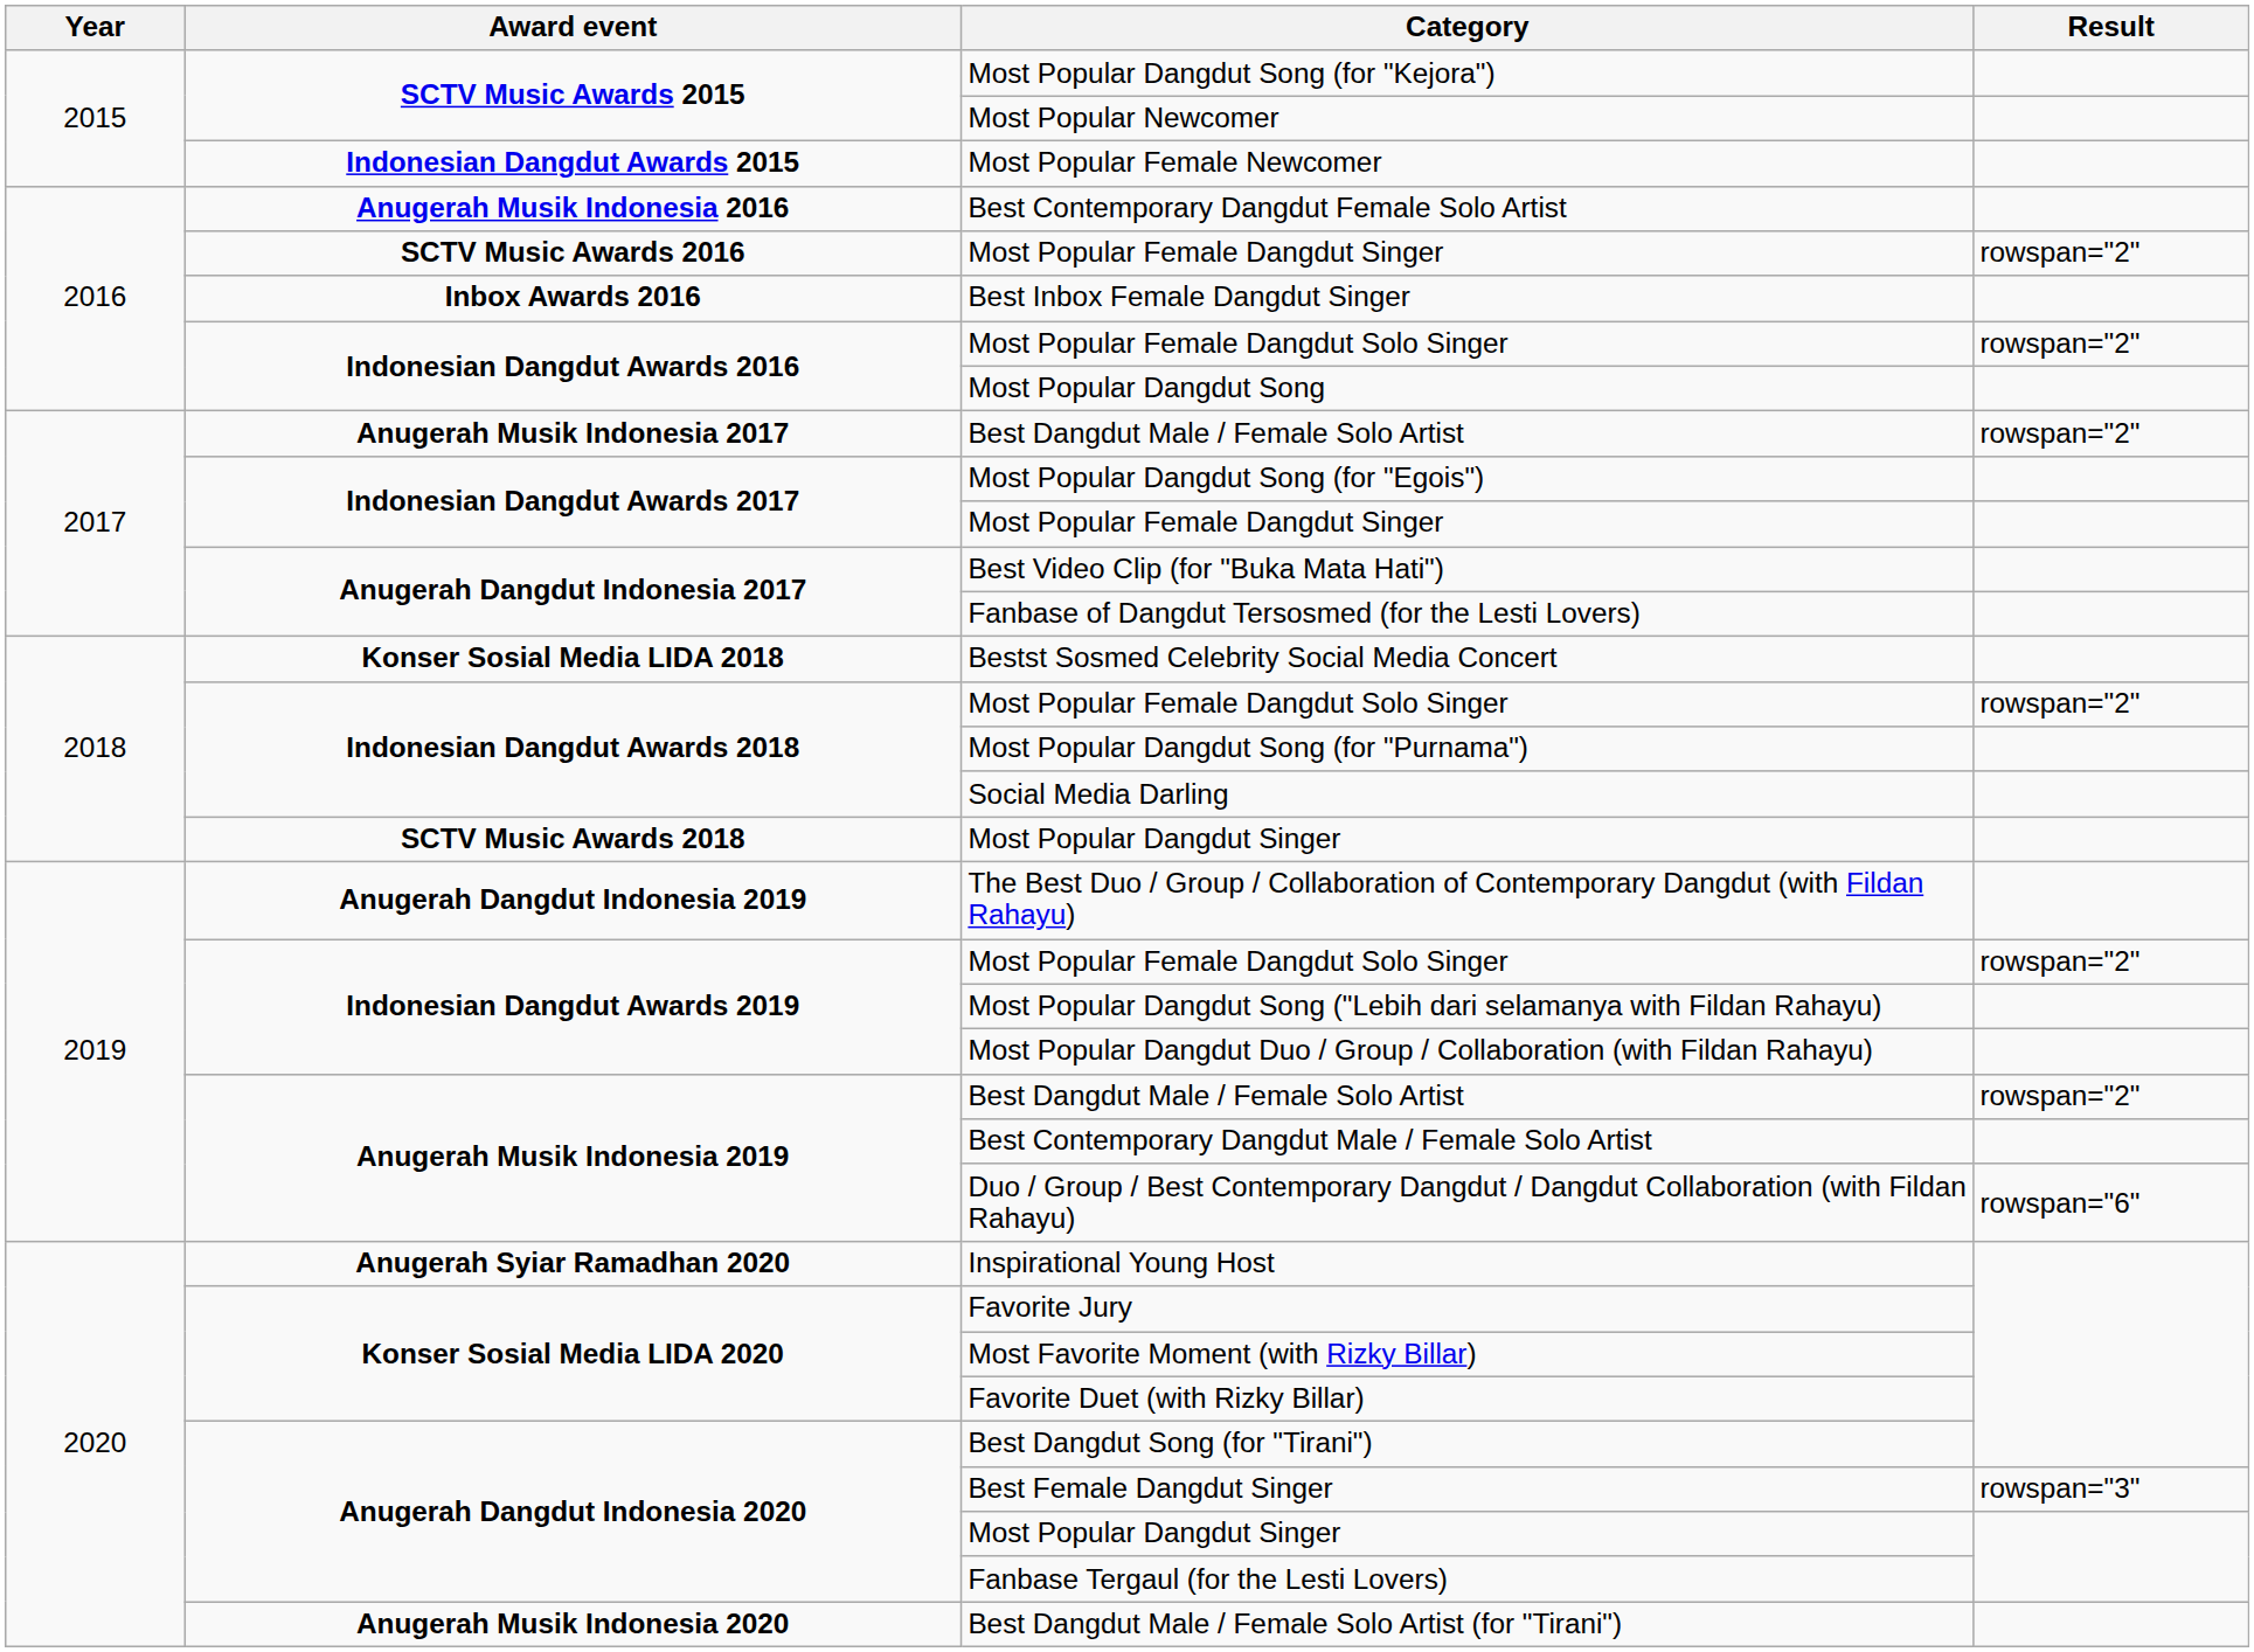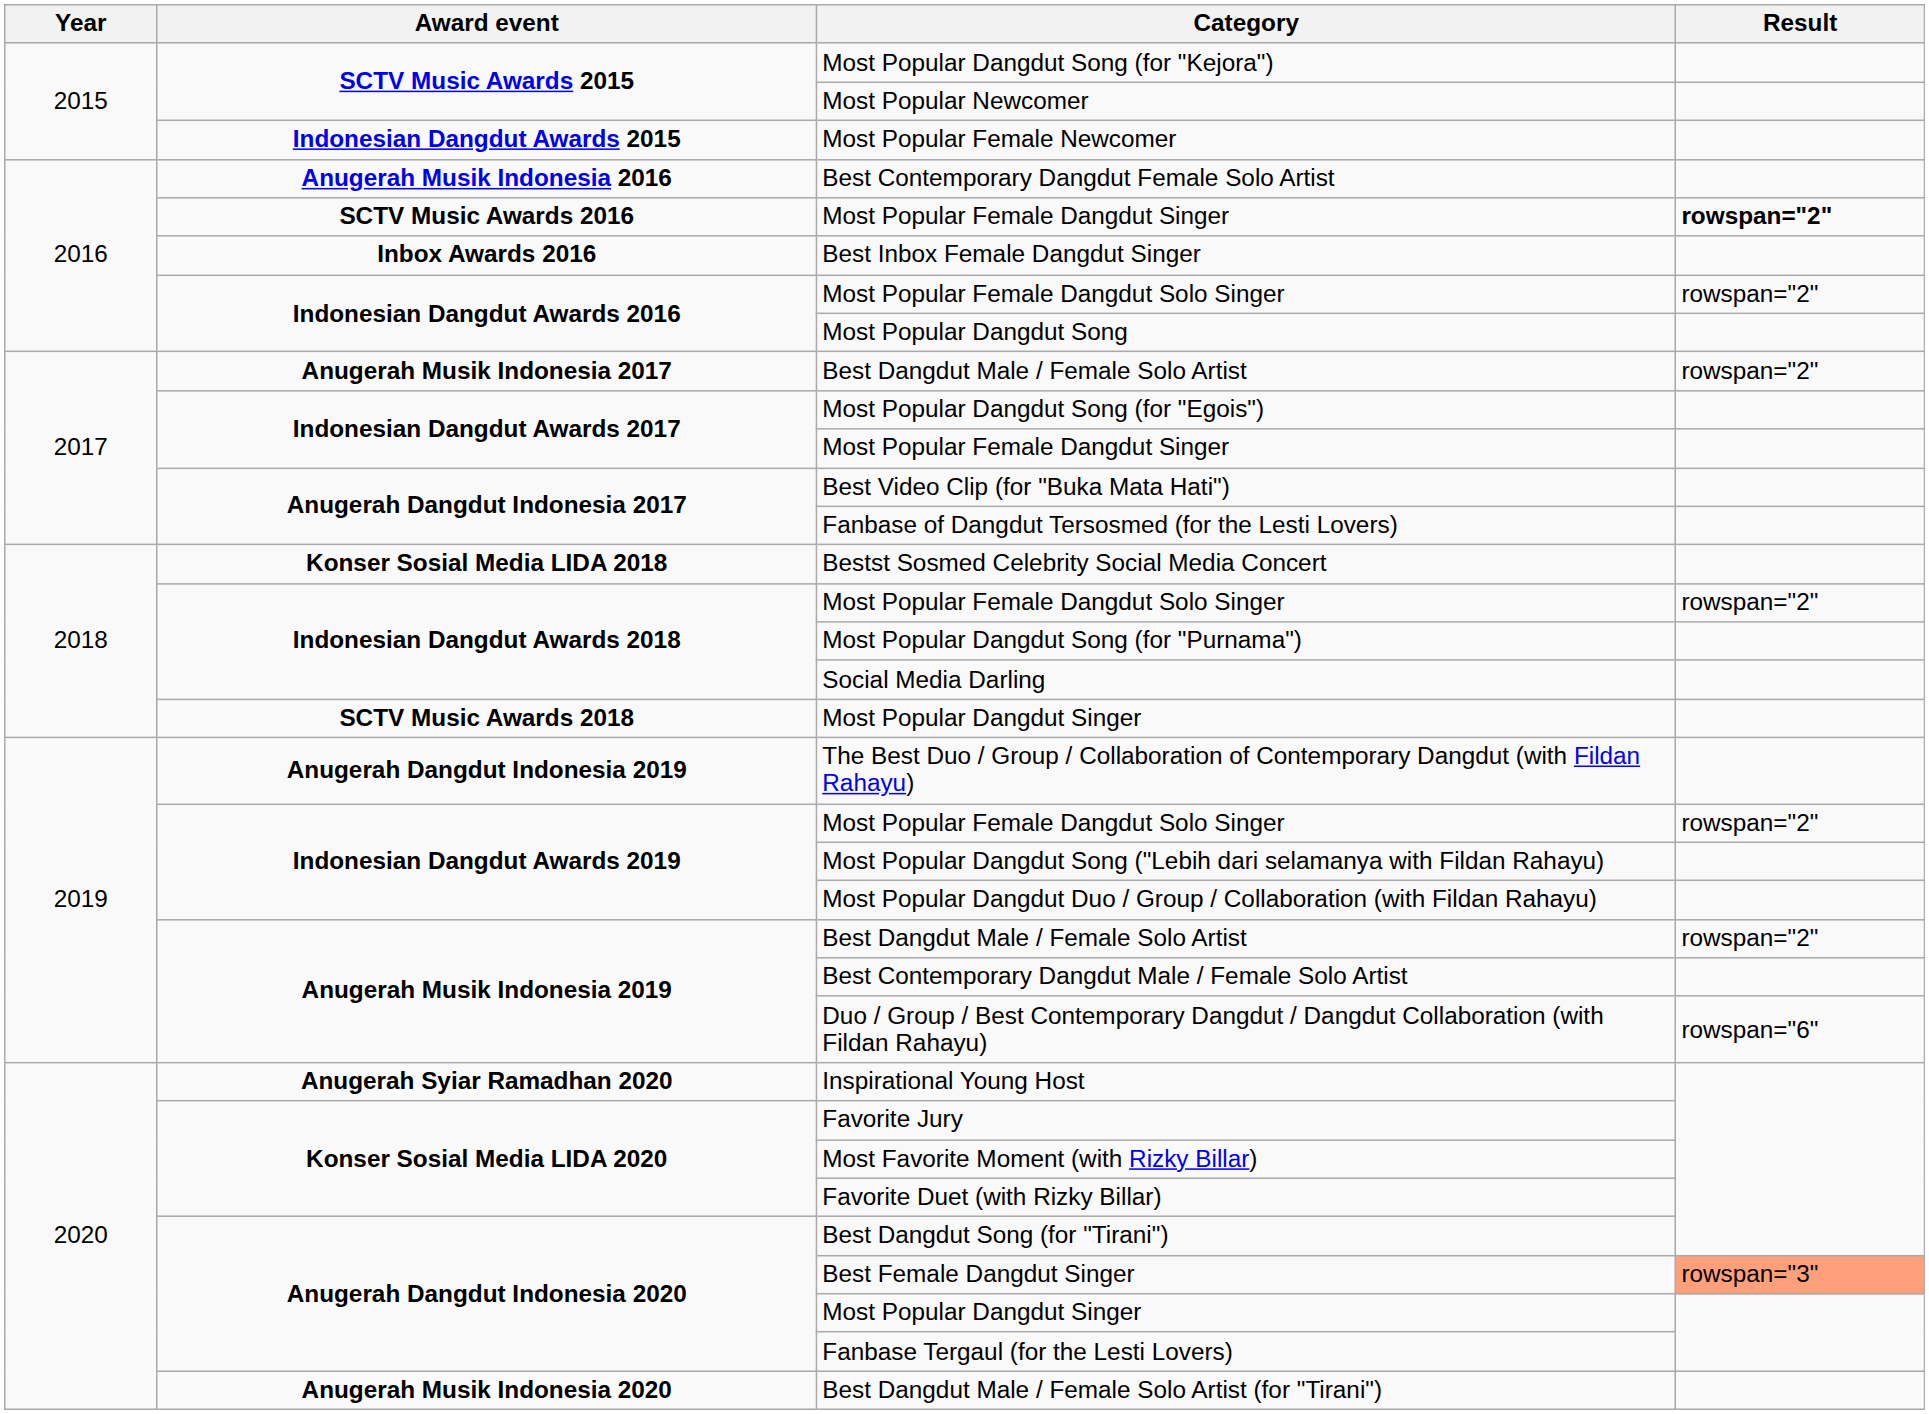 <table class="wikitable" width="100%" cellpadding="5">
 <tr>
 <th width="1%">Year</th>
 <th width="6%">Award event</th>
 <th width="8%">Category</th>
 <th width="1%">Result</th>
 </tr>
 <tr>
 <td Rowspan=3 align="center">2015</td>
 <td align="center" rowspan=2><strong><a href='#'>SCTV Music Awards</a> 2015</strong></td>
 <td>Most Popular Dangdut Song (for "Kejora")</td>
 <td></td>
 </tr>
 <tr>
 <td>Most Popular Newcomer</td>
 <td></td>
 </tr>
 <tr>
 <td align="center"><strong><a href='#'>Indonesian Dangdut Awards</a> 2015</strong></td>
 <td>Most Popular Female Newcomer</td>
 <td></td>
 </tr>
 <tr>
 <td Rowspan=5 align="center">2016</td>
 <td align="center"><strong><a href='#'>Anugerah Musik Indonesia</a> 2016</strong></td>
 <td>Best Contemporary Dangdut Female Solo Artist</td>
 <td></td>
 </tr>
 <tr>
 <td align="center"><strong>SCTV Music Awards 2016</strong></td>
 <td>Most Popular Female Dangdut Singer</td>
-<td>rowspan="2"</td>
+<td><strong>rowspan="2"</strong></td>
 </tr>
 <tr>
 <td align="center"><strong>Inbox Awards 2016</strong></td>
 <td>Best Inbox Female Dangdut Singer</td>
 </tr>
 <tr>
 <td Rowspan=2 align="center"><strong>Indonesian Dangdut Awards 2016</strong></td>
 <td>Most Popular Female Dangdut Solo Singer</td>
 <td>rowspan="2"</td>
 </tr>
 <tr>
 <td>Most Popular Dangdut Song</td>
 </tr>
 <tr>
 <td Rowspan=5 align="center">2017</td>
 <td align="center"><strong>Anugerah Musik Indonesia 2017</strong></td>
 <td>Best Dangdut Male / Female Solo Artist</td>
 <td>rowspan="2"</td>
 </tr>
 <tr>
 <td rowspan=2 align="center"><strong>Indonesian Dangdut Awards 2017</strong></td>
 <td>Most Popular Dangdut Song (for "Egois")</td>
 </tr>
 <tr>
 <td>Most Popular Female Dangdut Singer</td>
 <td></td>
 </tr>
 <tr>
 <td Rowspan=2 align="center"><strong>Anugerah Dangdut Indonesia 2017</strong></td>
 <td>Best Video Clip (for "Buka Mata Hati")</td>
 <td></td>
 </tr>
 <tr>
 <td>Fanbase of Dangdut Tersosmed (for the Lesti Lovers)</td>
 <td></td>
 </tr>
 <tr>
 <td Rowspan=5 align="center">2018</td>
 <td align="center"><strong>Konser Sosial Media LIDA 2018</strong></td>
 <td>Bestst Sosmed Celebrity Social Media Concert</td>
 <td></td>
 </tr>
 <tr>
 <td Rowspan=3 align="center"><strong>Indonesian Dangdut Awards 2018</strong></td>
 <td>Most Popular Female Dangdut Solo Singer</td>
 <td>rowspan="2"</td>
 </tr>
 <tr>
 <td>Most Popular Dangdut Song (for "Purnama")</td>
 </tr>
 <tr>
 <td>Social Media Darling</td>
 <td></td>
 </tr>
 <tr>
 <td Rowspan=1 align="center"><strong>SCTV Music Awards 2018</strong></td>
 <td>Most Popular Dangdut Singer</td>
 <td></td>
 </tr>
 <tr>
 <td Rowspan=7 align="center">2019</td>
 <td align="center"><strong>Anugerah Dangdut Indonesia 2019</strong></td>
 <td>The Best Duo / Group / Collaboration of Contemporary Dangdut (with <a href='#'>Fildan Rahayu</a>)</td>
 <td></td>
 </tr>
 <tr>
 <td Rowspan=3 align="center"><strong>Indonesian Dangdut Awards 2019</strong></td>
 <td>Most Popular Female Dangdut Solo Singer</td>
 <td>rowspan="2"</td>
 </tr>
 <tr>
 <td>Most Popular Dangdut Song ("Lebih dari selamanya with Fildan Rahayu)</td>
 </tr>
 <tr>
 <td>Most Popular Dangdut Duo / Group / Collaboration (with Fildan Rahayu)</td>
 <td></td>
 </tr>
 <tr>
 <td Rowspan=3 align="center"><strong>Anugerah Musik Indonesia 2019</strong></td>
 <td>Best Dangdut Male / Female Solo Artist</td>
 <td>rowspan="2"</td>
 </tr>
 <tr>
 <td>Best Contemporary Dangdut Male / Female Solo Artist</td>
 </tr>
 <tr>
 <td>Duo / Group / Best Contemporary Dangdut / Dangdut Collaboration (with Fildan Rahayu)</td>
 <td>rowspan="6"</td>
 </tr>
 <tr>
 <td rowspan="9" align="center">2020</td>
 <td align="center"><strong>Anugerah Syiar Ramadhan 2020</strong></td>
 <td>Inspirational Young Host</td>
 </tr>
 <tr>
 <td rowspan="3" align="center"><strong>Konser Sosial Media LIDA 2020</strong></td>
 <td>Favorite Jury</td>
 </tr>
 <tr>
 <td>Most Favorite Moment (with <a href='#'>Rizky Billar</a>)</td>
 </tr>
 <tr>
 <td>Favorite Duet (with Rizky Billar)</td>
 </tr>
 <tr>
 <td rowspan="4" align="center"><strong>Anugerah Dangdut Indonesia 2020</strong></td>
 <td>Best Dangdut Song (for "Tirani")</td>
 </tr>
 <tr>
 <td>Best Female Dangdut Singer</td>
-<td>rowspan="3"</td>
+<td style="background: lightsalmon;">rowspan="3"</td>
 </tr>
 <tr>
 <td>Most Popular Dangdut Singer</td>
 </tr>
 <tr>
 <td>Fanbase Tergaul (for the Lesti Lovers)</td>
 </tr>
 <tr>
 <td rowspan="1" align="center"><strong>Anugerah Musik Indonesia 2020</strong></td>
 <td>Best Dangdut Male / Female Solo Artist (for "Tirani")</td>
 <td></td>
 </tr>
 </table>
